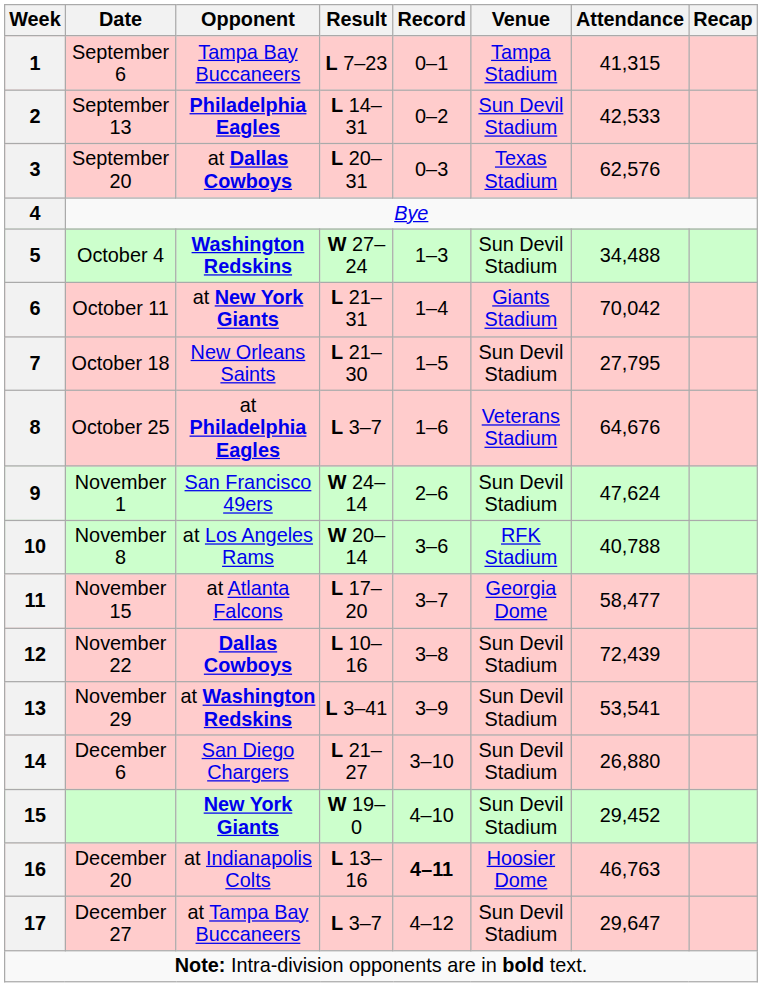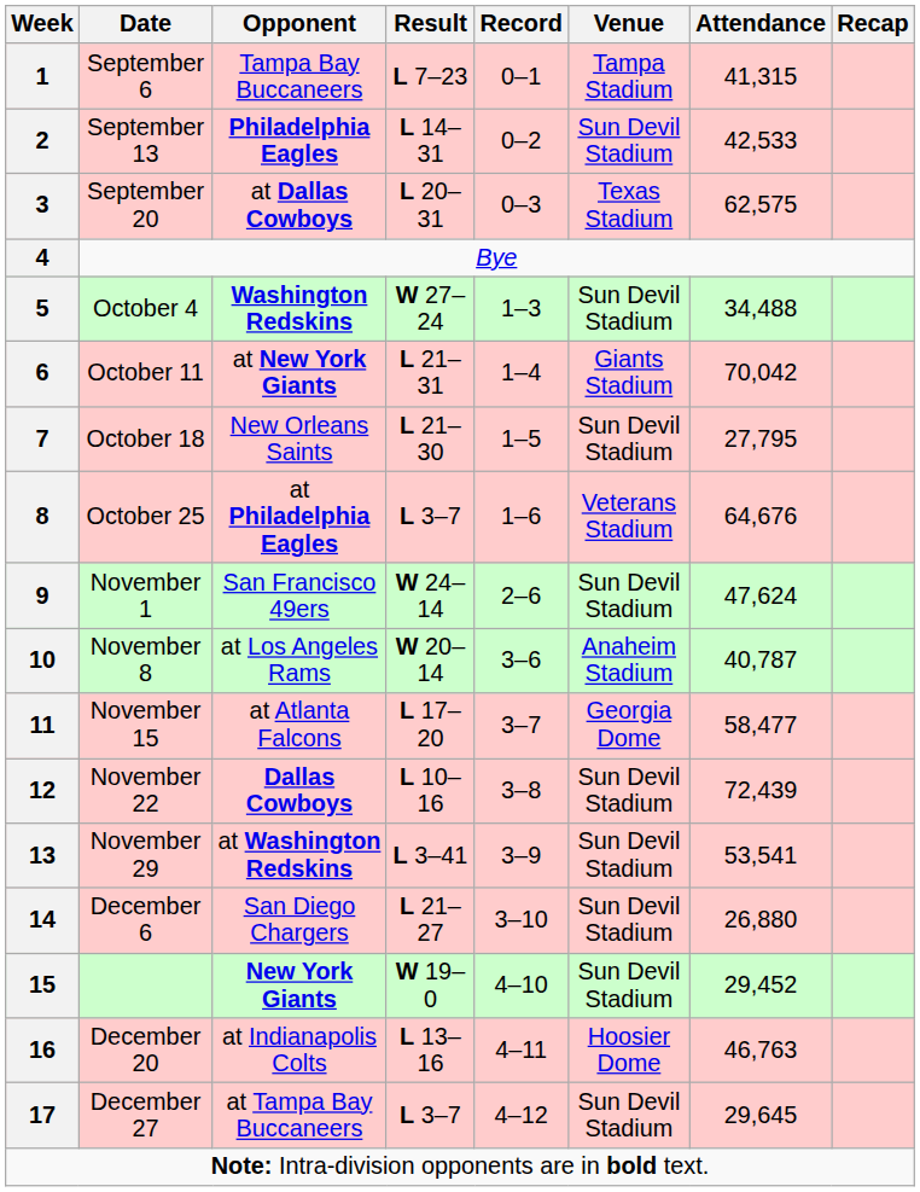 <table class="wikitable" style="text-align:center">
 <tr>
 <th>Week</th>
 <th>Date</th>
 <th>Opponent</th>
 <th>Result</th>
 <th>Record</th>
 <th>Venue</th>
 <th>Attendance</th>
 <th>Recap</th>
 </tr>
 <tr style="background:#fcc">
 <th>1</th>
 <td>September 6</td>
 <td><a href='#'>Tampa Bay Buccaneers</a></td>
 <td><strong>L</strong> 7–23</td>
 <td>0–1</td>
 <td><a href='#'>Tampa Stadium</a></td>
 <td>41,315</td>
 <td></td>
 </tr>
 <tr style="background:#fcc">
 <th>2</th>
 <td>September 13</td>
 <td><strong><a href='#'>Philadelphia Eagles</a></strong></td>
 <td><strong>L</strong> 14–31</td>
 <td>0–2</td>
 <td><a href='#'>Sun Devil Stadium</a></td>
 <td>42,533</td>
 <td></td>
 </tr>
 <tr style="background:#fcc">
 <th>3</th>
 <td>September 20</td>
 <td>at <strong><a href='#'>Dallas Cowboys</a></strong></td>
 <td><strong>L</strong> 20–31</td>
 <td>0–3</td>
 <td><a href='#'>Texas Stadium</a></td>
-<td>62,576</td>
+<td>62,575</td>
 <td></td>
 </tr>
 <tr>
 <th>4</th>
 <td colspan="7"><em><a href='#'>Bye</a></em></td>
 </tr>
 <tr style="background:#cfc">
 <th>5</th>
 <td>October 4</td>
 <td><strong><a href='#'>Washington Redskins</a></strong></td>
 <td><strong>W</strong> 27–24</td>
 <td>1–3</td>
 <td>Sun Devil Stadium</td>
 <td>34,488</td>
 <td></td>
 </tr>
 <tr style="background:#fcc">
 <th>6</th>
 <td>October 11</td>
 <td>at <strong><a href='#'>New York Giants</a></strong></td>
 <td><strong>L</strong> 21–31</td>
 <td>1–4</td>
 <td><a href='#'>Giants Stadium</a></td>
 <td>70,042</td>
 <td></td>
 </tr>
 <tr style="background:#fcc">
 <th>7</th>
 <td>October 18</td>
 <td><a href='#'>New Orleans Saints</a></td>
 <td><strong>L</strong> 21–30</td>
 <td>1–5</td>
 <td>Sun Devil Stadium</td>
 <td>27,795</td>
 <td></td>
 </tr>
 <tr style="background:#fcc">
 <th>8</th>
 <td>October 25</td>
 <td>at <strong><a href='#'>Philadelphia Eagles</a></strong></td>
 <td><strong>L</strong> 3–7</td>
 <td>1–6</td>
 <td><a href='#'>Veterans Stadium</a></td>
 <td>64,676</td>
 <td></td>
 </tr>
 <tr style="background:#cfc">
 <th>9</th>
 <td>November 1</td>
 <td><a href='#'>San Francisco 49ers</a></td>
 <td><strong>W</strong> 24–14</td>
 <td>2–6</td>
 <td>Sun Devil Stadium</td>
 <td>47,624</td>
 <td></td>
 </tr>
 <tr style="background:#cfc">
 <th>10</th>
 <td>November 8</td>
 <td>at <a href='#'>Los Angeles Rams</a></td>
 <td><strong>W</strong> 20–14</td>
 <td>3–6</td>
-<td><a href='#'>RFK Stadium</a></td>
-<td>40,788</td>
+<td><a href='#'>Anaheim Stadium</a></td>
+<td>40,787</td>
 <td></td>
 </tr>
 <tr style="background:#fcc">
 <th>11</th>
 <td>November 15</td>
 <td>at <a href='#'>Atlanta Falcons</a></td>
 <td><strong>L</strong> 17–20</td>
 <td>3–7</td>
 <td><a href='#'>Georgia Dome</a></td>
 <td>58,477</td>
 <td></td>
 </tr>
 <tr style="background:#fcc">
 <th>12</th>
 <td>November 22</td>
 <td><strong><a href='#'>Dallas Cowboys</a></strong></td>
 <td><strong>L</strong> 10–16</td>
 <td>3–8</td>
 <td>Sun Devil Stadium</td>
 <td>72,439</td>
 <td></td>
 </tr>
 <tr style="background:#fcc">
 <th>13</th>
 <td>November 29</td>
 <td>at <strong><a href='#'>Washington Redskins</a></strong></td>
 <td><strong>L</strong> 3–41</td>
 <td>3–9</td>
 <td>Sun Devil Stadium</td>
 <td>53,541</td>
 <td></td>
 </tr>
 <tr style="background:#fcc">
 <th>14</th>
 <td>December 6</td>
 <td><a href='#'>San Diego Chargers</a></td>
 <td><strong>L</strong> 21–27</td>
 <td>3–10</td>
 <td>Sun Devil Stadium</td>
 <td>26,880</td>
 <td></td>
 </tr>
 <tr style="background:#cfc">
 <th>15</th>
 <td></td>
 <td><strong><a href='#'>New York Giants</a></strong></td>
 <td><strong>W</strong> 19–0</td>
 <td>4–10</td>
 <td>Sun Devil Stadium</td>
 <td>29,452</td>
 <td></td>
 </tr>
 <tr style="background:#fcc">
 <th>16</th>
 <td>December 20</td>
 <td>at <a href='#'>Indianapolis Colts</a></td>
 <td><strong>L</strong> 13–16</td>
-<td><strong>4–11</strong></td>
+<td>4–11</td>
 <td><a href='#'>Hoosier Dome</a></td>
 <td>46,763</td>
 <td></td>
 </tr>
 <tr style="background:#fcc">
 <th>17</th>
 <td>December 27</td>
 <td>at <a href='#'>Tampa Bay Buccaneers</a></td>
 <td><strong>L</strong> 3–7</td>
 <td>4–12</td>
 <td>Sun Devil Stadium</td>
-<td>29,647</td>
+<td>29,645</td>
 <td></td>
 </tr>
 <tr>
 <td colspan="8"><strong>Note:</strong> Intra-division opponents are in <strong>bold</strong> text.</td>
 </tr>
 </table>
